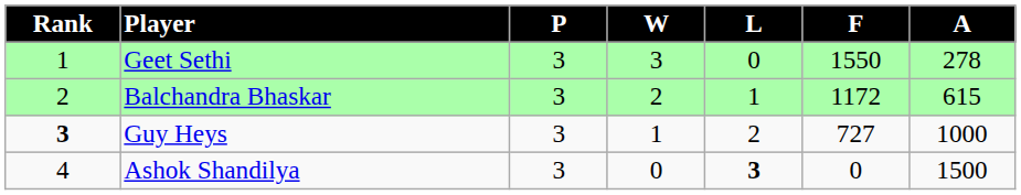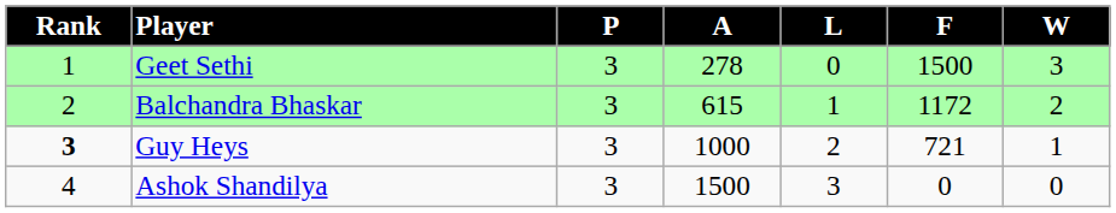 <table border="2" cellpadding="2" cellspacing="0" style="margin: 0; background: #f9f9f9; border: 1px #aaa solid; border-collapse: collapse; font-size: 100%;" width=50%>
 <tr>
 <th bgcolor="000000" style="color:white; text-align:center" width=5%>Rank</th>
 <th bgcolor="000000" style="color:white; text-align:left" width=20%>Player</th>
 <th bgcolor="000000" style="color:white; text-align:center" width=5%>P</th>
-<th bgcolor="000000" style="color:white; text-align:center" width=5%>W</th>
+<th bgcolor="000000" style="color:white; text-align:center" width=5%>A</th>
 <th bgcolor="000000" style="color:white; text-align:center" width=5%>L</th>
 <th bgcolor="000000" style="color:white; text-align:center" width=5%>F</th>
-<th bgcolor="000000" style="color:white; text-align:center" width=5%>A</th>
+<th bgcolor="000000" style="color:white; text-align:center" width=5%>W</th>
 </tr>
 <tr>
 <td style="text-align:center; background:#aaffaa">1</td>
 <td style="text-align:left; background:#aaffaa"> <a href='#'>Geet Sethi</a></td>
 <td style="text-align:center; background:#aaffaa">3</td>
+<td style="text-align:center; background:#aaffaa">278</td>
+<td style="text-align:center; background:#aaffaa">0</td>
+<td style="text-align:center; background:#aaffaa">1500</td>
 <td style="text-align:center; background:#aaffaa">3</td>
-<td style="text-align:center; background:#aaffaa">0</td>
-<td style="text-align:center; background:#aaffaa">1550</td>
-<td style="text-align:center; background:#aaffaa">278</td>
 </tr>
 <tr>
 <td style="text-align:center; background:#aaffaa">2</td>
 <td style="text-align:left; background:#aaffaa"> <a href='#'>Balchandra Bhaskar</a></td>
 <td style="text-align:center; background:#aaffaa">3</td>
-<td style="text-align:center; background:#aaffaa">2</td>
+<td style="text-align:center; background:#aaffaa">615</td>
 <td style="text-align:center; background:#aaffaa">1</td>
 <td style="text-align:center; background:#aaffaa">1172</td>
-<td style="text-align:center; background:#aaffaa">615</td>
+<td style="text-align:center; background:#aaffaa">2</td>
 </tr>
 <tr>
 <td style="text-align:center"><strong>3</strong></td>
 <td style="text-align:left;"> <a href='#'>Guy Heys</a></td>
 <td style="text-align:center;">3</td>
+<td style="text-align:center;">1000</td>
+<td style="text-align:center;">2</td>
+<td style="text-align:center;">721</td>
 <td style="text-align:center;">1</td>
-<td style="text-align:center;">2</td>
-<td style="text-align:center;">727</td>
-<td style="text-align:center;">1000</td>
 </tr>
 <tr>
 <td style="text-align:center">4</td>
 <td style="text-align:left;"> <a href='#'>Ashok Shandilya</a></td>
 <td style="text-align:center;">3</td>
+<td style="text-align:center;">1500</td>
+<td style="text-align:center;">3</td>
 <td style="text-align:center;">0</td>
-<td style="text-align:center;"><strong>3</strong></td>
 <td style="text-align:center;">0</td>
-<td style="text-align:center;">1500</td>
 </tr>
 </table>
